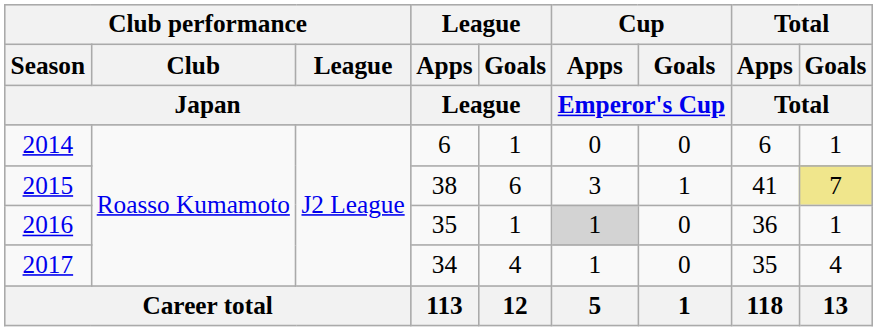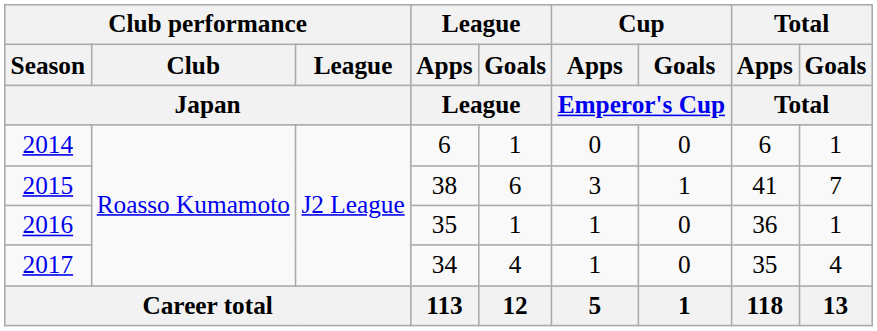 <table class="wikitable" style="text-align:center">
 <tr>
 <th colspan=3>Club performance</th>
 <th colspan=2>League</th>
 <th colspan=2>Cup</th>
 <th colspan=2>Total</th>
 </tr>
 <tr>
 <th>Season</th>
 <th>Club</th>
 <th>League</th>
 <th>Apps</th>
 <th>Goals</th>
 <th>Apps</th>
 <th>Goals</th>
 <th>Apps</th>
 <th>Goals</th>
 </tr>
 <tr>
 <th colspan=3>Japan</th>
 <th colspan=2>League</th>
 <th colspan=2><a href='#'>Emperor's Cup</a></th>
 <th colspan=2>Total</th>
 </tr>
 <tr>
 <td><a href='#'>2014</a></td>
 <td rowspan="4"><a href='#'>Roasso Kumamoto</a></td>
 <td rowspan="4"><a href='#'>J2 League</a></td>
 <td>6</td>
 <td>1</td>
 <td>0</td>
 <td>0</td>
 <td>6</td>
 <td>1</td>
 </tr>
 <tr>
 <td><a href='#'>2015</a></td>
 <td>38</td>
 <td>6</td>
 <td>3</td>
 <td>1</td>
 <td>41</td>
-<td style="background: khaki;">7</td>
+<td>7</td>
 </tr>
 <tr>
 <td><a href='#'>2016</a></td>
 <td>35</td>
 <td>1</td>
-<td style="background: lightgrey;">1</td>
+<td>1</td>
 <td>0</td>
 <td>36</td>
 <td>1</td>
 </tr>
 <tr>
 <td><a href='#'>2017</a></td>
 <td>34</td>
 <td>4</td>
 <td>1</td>
 <td>0</td>
 <td>35</td>
 <td>4</td>
 </tr>
 <tr>
 <th colspan=3>Career total</th>
 <th>113</th>
 <th>12</th>
 <th>5</th>
 <th>1</th>
 <th>118</th>
 <th>13</th>
 </tr>
 </table>
